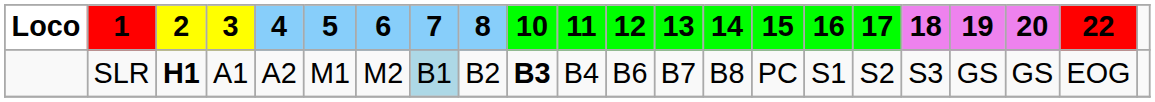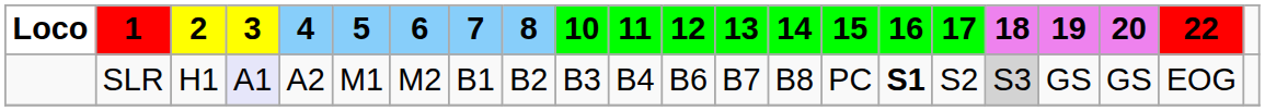 <table class="wikitable plainrowheaders unsortable" style="text-align:left">
 <tr>
 <th scope="col" rowspan="1" style="background:white;">Loco</th>
 <th scope="col" rowspan="1" style="background:red;">1</th>
 <th scope="col" rowspan="1" style="background:yellow;">2</th>
 <th scope="col" rowspan="1" style="background:yellow;">3</th>
 <th scope="col" rowspan="1" style="background:lightskyblue;">4</th>
 <th scope="col" rowspan="1" style="background:lightskyblue;">5</th>
 <th scope="col" rowspan="1" style="background:lightskyblue;">6</th>
 <th scope="col" rowspan="1" style="background:lightskyblue;">7</th>
 <th scope="col" rowspan="1" style="background:lightskyblue;">8</th>
 <th scope="col" rowspan="1" style="background:lime;">10</th>
 <th scope="col" rowspan="1" style="background:lime;">11</th>
 <th scope="col" rowspan="1" style="background:lime;">12</th>
 <th scope="col" rowspan="1" style="background:lime;">13</th>
 <th scope="col" rowspan="1" style="background:lime;">14</th>
 <th scope="col" rowspan="1" style="background:lime;">15</th>
 <th scope="col" rowspan="1" style="background:lime;">16</th>
 <th scope="col" rowspan="1" style="background:lime;">17</th>
 <th scope="col" rowspan="1" style="background:violet;">18</th>
 <th scope="col" rowspan="1" style="background:violet;">19</th>
 <th scope="col" rowspan="1" style="background:violet;">20</th>
 <th scope="col" rowspan="1" style="background:red;">22</th>
 </tr>
 <tr>
 <td></td>
 <td>SLR</td>
-<td><strong>H1</strong></td>
-<td>A1</td>
+<td>H1</td>
+<td style="background: lavender;">A1</td>
 <td>A2</td>
 <td>M1</td>
 <td>M2</td>
-<td style="background: lightblue;">B1</td>
+<td>B1</td>
 <td>B2</td>
-<td><strong>B3</strong></td>
+<td>B3</td>
 <td>B4</td>
 <td>B6</td>
 <td>B7</td>
 <td>B8</td>
 <td>PC</td>
-<td>S1</td>
+<td><strong>S1</strong></td>
 <td>S2</td>
-<td>S3</td>
+<td style="background: lightgrey;">S3</td>
 <td>GS</td>
 <td>GS</td>
 <td>EOG</td>
 <td></td>
 </tr>
 <tr>
 </tr>
 </table>
